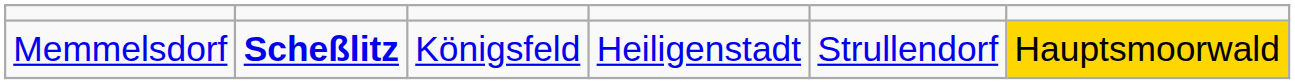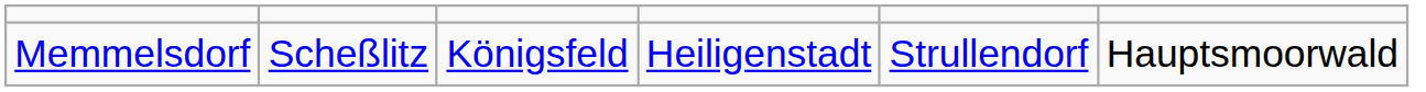 <table class="wikitable">
 <tr>
 <td></td>
 <td></td>
 <td></td>
 <td></td>
 <td></td>
 <td></td>
 </tr>
 <tr>
 <td><a href='#'>Memmelsdorf</a></td>
-<td><strong><a href='#'>Scheßlitz</a></strong></td>
+<td><a href='#'>Scheßlitz</a></td>
 <td><a href='#'>Königsfeld</a></td>
 <td><a href='#'>Heiligenstadt</a></td>
 <td><a href='#'>Strullendorf</a></td>
-<td style="background: gold;">Hauptsmoorwald</td>
+<td>Hauptsmoorwald</td>
 </tr>
 </table>
